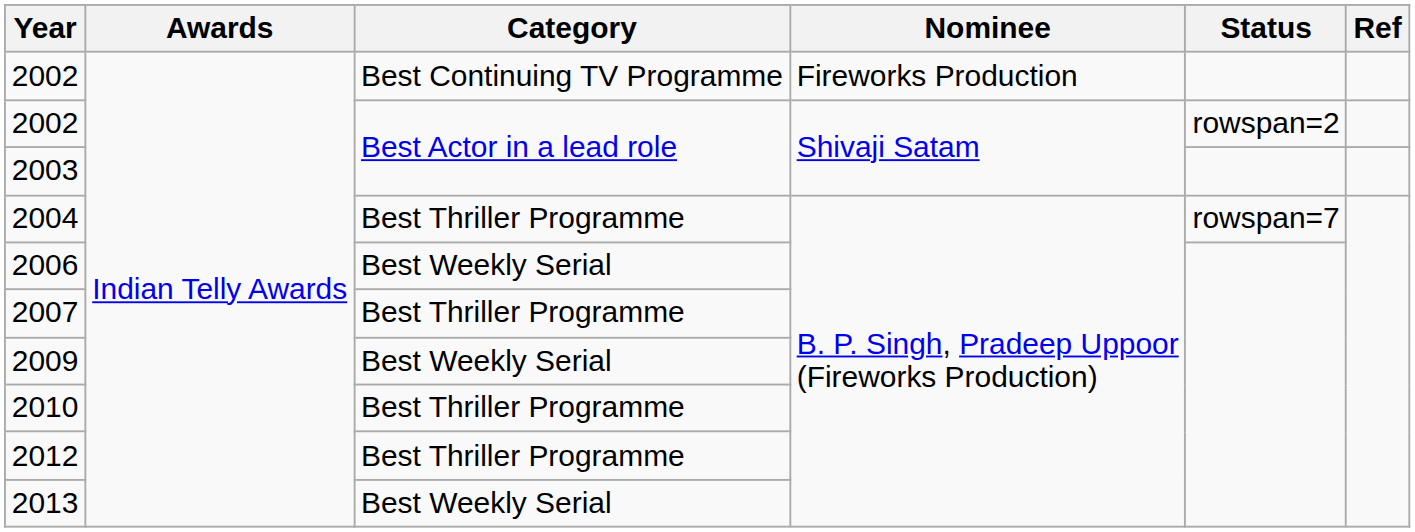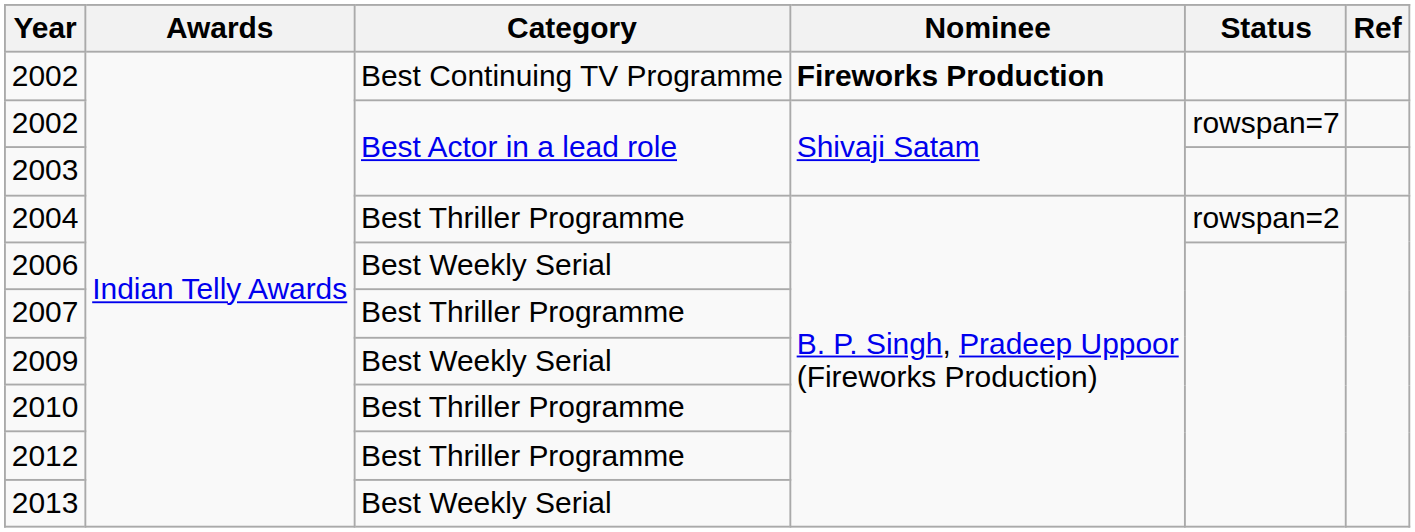 <table class="wikitable sortable">
 <tr>
 <th>Year</th>
 <th>Awards</th>
 <th>Category</th>
 <th>Nominee</th>
 <th>Status</th>
 <th>Ref</th>
 </tr>
 <tr>
 <td>2002</td>
 <td rowspan=10><a href='#'>Indian Telly Awards</a></td>
 <td>Best Continuing TV Programme</td>
-<td>Fireworks Production</td>
+<td><strong>Fireworks Production</strong></td>
 <td></td>
 <td></td>
 </tr>
 <tr>
 <td>2002</td>
 <td rowspan=2><a href='#'>Best Actor in a lead role</a></td>
 <td rowspan=2><a href='#'>Shivaji Satam</a></td>
-<td>rowspan=2 </td>
+<td>rowspan=7 </td>
 <td></td>
 </tr>
 <tr>
 <td>2003</td>
 <td></td>
 </tr>
 <tr>
 <td>2004</td>
 <td>Best Thriller Programme</td>
 <td rowspan=7><a href='#'>B. P. Singh</a>, <a href='#'>Pradeep Uppoor</a> <br> (Fireworks Production)</td>
-<td>rowspan=7 </td>
+<td>rowspan=2 </td>
 <td rowspan=7></td>
 </tr>
 <tr>
 <td>2006</td>
 <td>Best Weekly Serial</td>
 </tr>
 <tr>
 <td>2007</td>
 <td>Best Thriller Programme</td>
 </tr>
 <tr>
 <td>2009</td>
 <td>Best Weekly Serial</td>
 </tr>
 <tr>
 <td>2010</td>
 <td>Best Thriller Programme</td>
 </tr>
 <tr>
 <td>2012</td>
 <td>Best Thriller Programme</td>
 </tr>
 <tr>
 <td>2013</td>
 <td>Best Weekly Serial</td>
 </tr>
 </table>
